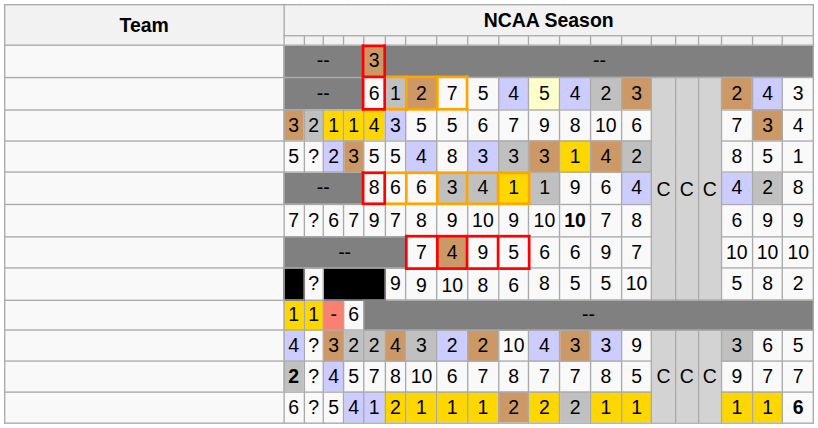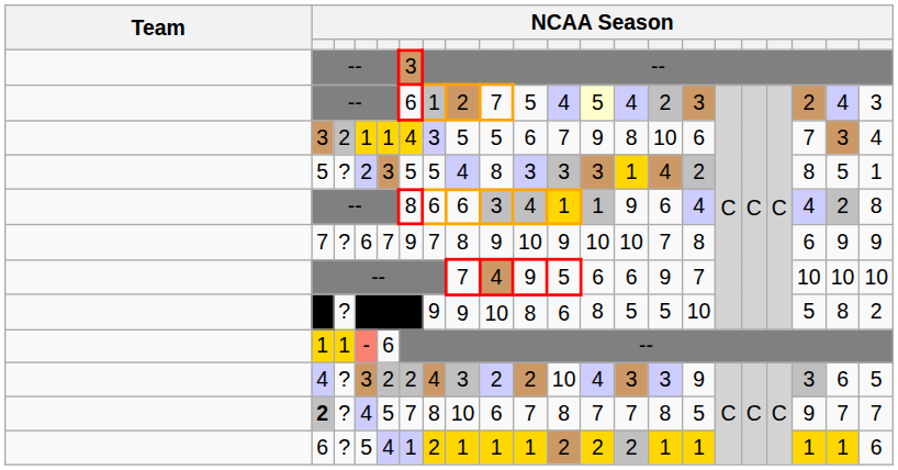 <table class=wikitable style="text-align:center; font-size:90%;">
 <tr>
 <th width=200px rowspan=2>Team</th>
 <th colspan=20>NCAA Season</th>
 </tr>
 <tr>
 <th></th>
 <th></th>
 <th></th>
 <th></th>
 <th></th>
 <th></th>
 <th></th>
 <th></th>
 <th></th>
 <th></th>
 <th></th>
 <th></th>
 <th></th>
 <th></th>
 <th></th>
 <th></th>
 <th></th>
 <th></th>
 <th></th>
 <th></th>
 </tr>
 <tr>
 <td align=left><em></em></td>
 <td bgcolor=gray colspan=4>--</td>
 <td style="border: 2px solid red;" bgcolor=#c96>3</td>
 <td bgcolor=gray colspan=15>--</td>
 </tr>
 <tr>
 <td align=left></td>
 <td bgcolor=gray colspan=4>--</td>
 <td style="border: 2px solid red;">6</td>
 <td style="border: 2px solid orange;" bgcolor=silver>1</td>
 <td style="border: 2px solid orange;" bgcolor=#c96>2</td>
 <td style="border: 2px solid orange;">7</td>
 <td>5</td>
 <td bgcolor=#CCCCFF>4</td>
 <td bgcolor=#FFFFCC>5</td>
 <td bgcolor=#CCCCFF>4</td>
 <td bgcolor=silver>2</td>
 <td bgcolor=#c96>3</td>
 <td bgcolor=D3D3D3 rowspan=7>C</td>
 <td bgcolor=D3D3D3 rowspan=7>C</td>
 <td bgcolor=D3D3D3 rowspan=7>C</td>
 <td bgcolor=#c96>2</td>
 <td bgcolor=#CCCCFF>4</td>
 <td>3</td>
 </tr>
 <tr>
 <td align=left></td>
 <td bgcolor=#c96>3</td>
 <td bgcolor=silver>2</td>
 <td bgcolor=gold>1</td>
 <td bgcolor=gold>1</td>
 <td bgcolor=gold>4</td>
 <td bgcolor=#CCCCFF>3</td>
 <td>5</td>
 <td>5</td>
 <td>6</td>
 <td>7</td>
 <td>9</td>
 <td>8</td>
 <td>10</td>
 <td>6</td>
 <td>7</td>
 <td bgcolor=#c96>3</td>
 <td>4</td>
 </tr>
 <tr>
 <td align=left></td>
 <td>5</td>
 <td>?</td>
 <td bgcolor=#CCCCFF>2</td>
 <td bgcolor=#c96>3</td>
 <td>5</td>
 <td>5</td>
 <td bgcolor=#CCCCFF>4</td>
 <td>8</td>
 <td bgcolor=#CCCCFF>3</td>
 <td bgcolor=silver>3</td>
 <td bgcolor=#c96>3</td>
 <td bgcolor=gold>1</td>
 <td bgcolor=#c96>4</td>
 <td bgcolor=silver>2</td>
 <td>8</td>
 <td>5</td>
 <td>1</td>
 </tr>
 <tr>
 <td align=left></td>
 <td bgcolor=gray colspan=4>--</td>
 <td style="border: 2px solid red;">8</td>
 <td style="border: 2px solid orange;">6</td>
 <td style="border: 2px solid orange;">6</td>
 <td style="border: 2px solid orange;" bgcolor=silver>3</td>
 <td style="border: 2px solid orange;" bgcolor=silver>4</td>
 <td style="border: 2px solid orange;" bgcolor=gold>1</td>
 <td bgcolor=silver>1</td>
 <td>9</td>
 <td>6</td>
 <td bgcolor=#CCCCFF>4</td>
 <td bgcolor=#CCCCFF>4</td>
 <td bgcolor=silver>2</td>
 <td>8</td>
 </tr>
 <tr>
 <td align=left></td>
 <td>7</td>
 <td>?</td>
 <td>6</td>
 <td>7</td>
 <td>9</td>
 <td>7</td>
 <td>8</td>
 <td>9</td>
 <td>10</td>
 <td>9</td>
 <td>10</td>
-<td><strong>10</strong></td>
+<td>10</td>
 <td>7</td>
 <td>8</td>
 <td>6</td>
 <td>9</td>
 <td>9</td>
 </tr>
 <tr>
 <td align=left></td>
 <td bgcolor=gray colspan=6>--</td>
 <td style="border: 2px solid red;">7</td>
 <td style="border: 2px solid red;" bgcolor=#c96>4</td>
 <td style="border: 2px solid red;">9</td>
 <td style="border: 2px solid red;">5</td>
 <td>6</td>
 <td>6</td>
 <td>9</td>
 <td>7</td>
 <td>10</td>
 <td>10</td>
 <td>10</td>
 </tr>
 <tr>
 <td align=left></td>
 <td bgcolor=black align=center style="border: 1px solid gray;"></td>
 <td>?</td>
 <td bgcolor=black align=center style="border: 1px solid gray;" colspan=3></td>
 <td>9</td>
 <td>9</td>
 <td>10</td>
 <td>8</td>
 <td>6</td>
 <td>8</td>
 <td>5</td>
 <td>5</td>
 <td>10</td>
 <td>5</td>
 <td>8</td>
 <td>2</td>
 </tr>
 <tr>
 <td align=left><em></em></td>
 <td bgcolor=gold>1</td>
 <td bgcolor=gold>1</td>
 <td bgcolor=salmon>-</td>
 <td>6</td>
 <td bgcolor=gray colspan=16>--</td>
 </tr>
 <tr>
 <td align=left></td>
 <td bgcolor=#CCCCFF>4</td>
 <td>?</td>
 <td bgcolor=#c96>3</td>
 <td bgcolor=silver>2</td>
 <td bgcolor=silver>2</td>
 <td bgcolor=#c96>4</td>
 <td bgcolor=silver>3</td>
 <td bgcolor=#CCCCFF>2</td>
 <td bgcolor=#c96>2</td>
 <td>10</td>
 <td bgcolor=#CCCCFF>4</td>
 <td bgcolor=#c96>3</td>
 <td bgcolor=#CCCCFF>3</td>
 <td>9</td>
 <td bgcolor=D3D3D3 rowspan=3>C</td>
 <td bgcolor=D3D3D3 rowspan=3>C</td>
 <td bgcolor=D3D3D3 rowspan=3>C</td>
 <td bgcolor=silver>3</td>
 <td>6</td>
 <td>5</td>
 </tr>
 <tr>
 <td align=left></td>
 <td bgcolor=silver><strong>2</strong></td>
 <td>?</td>
 <td bgcolor=#CCCCFF>4</td>
 <td>5</td>
 <td>7</td>
 <td>8</td>
 <td>10</td>
 <td>6</td>
 <td>7</td>
 <td>8</td>
 <td>7</td>
 <td>7</td>
 <td>8</td>
 <td>5</td>
 <td>9</td>
 <td>7</td>
 <td>7</td>
 </tr>
 <tr>
 <td align=left></td>
 <td>6</td>
 <td>?</td>
 <td>5</td>
 <td bgcolor=#CCCCFF>4</td>
 <td bgcolor=#CCCCFF>1</td>
 <td bgcolor=gold>2</td>
 <td bgcolor=gold>1</td>
 <td bgcolor=gold>1</td>
 <td bgcolor=gold>1</td>
 <td bgcolor=#c96>2</td>
 <td bgcolor=gold>2</td>
 <td bgcolor=silver>2</td>
 <td bgcolor=gold>1</td>
 <td bgcolor=gold>1</td>
 <td bgcolor=gold>1</td>
 <td bgcolor=gold>1</td>
-<td><strong>6</strong></td>
+<td>6</td>
 </tr>
 </table>
